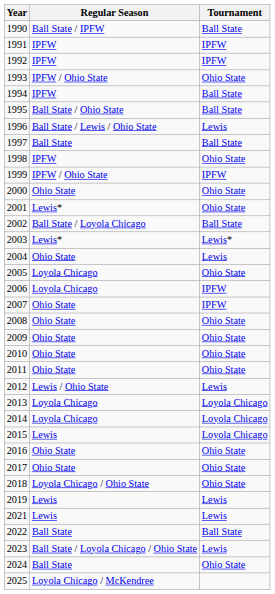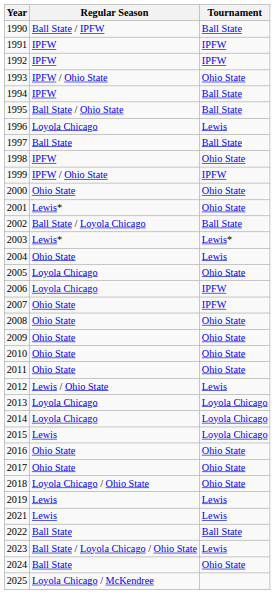 <table class="wikitable" style="display: inline-table;">
 <tr>
 <th>Year</th>
 <th>Regular Season</th>
 <th>Tournament</th>
 </tr>
 <tr>
 <td>1990</td>
 <td><a href='#'>Ball State</a> / <a href='#'>IPFW</a></td>
 <td><a href='#'>Ball State</a></td>
 </tr>
 <tr>
 <td>1991</td>
 <td><a href='#'>IPFW</a></td>
 <td><a href='#'>IPFW</a></td>
 </tr>
 <tr>
 <td>1992</td>
 <td><a href='#'>IPFW</a></td>
 <td><a href='#'>IPFW</a></td>
 </tr>
 <tr>
 <td>1993</td>
 <td><a href='#'>IPFW</a> / <a href='#'>Ohio State</a></td>
 <td><a href='#'>Ohio State</a></td>
 </tr>
 <tr>
 <td>1994</td>
 <td><a href='#'>IPFW</a></td>
 <td><a href='#'>Ball State</a></td>
 </tr>
 <tr>
 <td>1995</td>
 <td><a href='#'>Ball State</a> / <a href='#'>Ohio State</a></td>
 <td><a href='#'>Ball State</a></td>
 </tr>
 <tr>
 <td>1996</td>
-<td><a href='#'>Ball State</a> / <a href='#'>Lewis</a> / <a href='#'>Ohio State</a></td>
+<td><a href='#'>Loyola Chicago</a></td>
 <td><a href='#'>Lewis</a></td>
 </tr>
 <tr>
 <td>1997</td>
 <td><a href='#'>Ball State</a></td>
 <td><a href='#'>Ball State</a></td>
 </tr>
 <tr>
 <td>1998</td>
 <td><a href='#'>IPFW</a></td>
 <td><a href='#'>Ohio State</a></td>
 </tr>
 <tr>
 <td>1999</td>
 <td><a href='#'>IPFW</a> / <a href='#'>Ohio State</a></td>
 <td><a href='#'>IPFW</a></td>
 </tr>
 <tr>
 <td>2000</td>
 <td><a href='#'>Ohio State</a></td>
 <td><a href='#'>Ohio State</a></td>
 </tr>
 <tr>
 <td>2001</td>
 <td><a href='#'>Lewis</a>*</td>
 <td><a href='#'>Ohio State</a></td>
 </tr>
 <tr>
 <td>2002</td>
 <td><a href='#'>Ball State</a> / <a href='#'>Loyola Chicago</a></td>
 <td><a href='#'>Ball State</a></td>
 </tr>
 <tr>
 <td>2003</td>
 <td><a href='#'>Lewis</a>*</td>
 <td><a href='#'>Lewis</a>*</td>
 </tr>
 <tr>
 <td>2004</td>
 <td><a href='#'>Ohio State</a></td>
 <td><a href='#'>Lewis</a></td>
 </tr>
 <tr>
 <td>2005</td>
 <td><a href='#'>Loyola Chicago</a></td>
 <td><a href='#'>Ohio State</a></td>
 </tr>
 <tr>
 <td>2006</td>
 <td><a href='#'>Loyola Chicago</a></td>
 <td><a href='#'>IPFW</a></td>
 </tr>
 <tr>
 <td>2007</td>
 <td><a href='#'>Ohio State</a></td>
 <td><a href='#'>IPFW</a></td>
 </tr>
 <tr>
 <td>2008</td>
 <td><a href='#'>Ohio State</a></td>
 <td><a href='#'>Ohio State</a></td>
 </tr>
 <tr>
 <td>2009</td>
 <td><a href='#'>Ohio State</a></td>
 <td><a href='#'>Ohio State</a></td>
 </tr>
 <tr>
 <td>2010</td>
 <td><a href='#'>Ohio State</a></td>
 <td><a href='#'>Ohio State</a></td>
 </tr>
 <tr>
 <td>2011</td>
 <td><a href='#'>Ohio State</a></td>
 <td><a href='#'>Ohio State</a></td>
 </tr>
 <tr>
 <td>2012</td>
 <td><a href='#'>Lewis</a> / <a href='#'>Ohio State</a></td>
 <td><a href='#'>Lewis</a></td>
 </tr>
 <tr>
 <td>2013</td>
 <td><a href='#'>Loyola Chicago</a></td>
 <td><a href='#'>Loyola Chicago</a></td>
 </tr>
 <tr>
 <td>2014</td>
 <td><a href='#'>Loyola Chicago</a></td>
 <td><a href='#'>Loyola Chicago</a></td>
 </tr>
 <tr>
 <td>2015</td>
 <td><a href='#'>Lewis</a></td>
 <td><a href='#'>Loyola Chicago</a></td>
 </tr>
 <tr>
 <td>2016</td>
 <td><a href='#'>Ohio State</a></td>
 <td><a href='#'>Ohio State</a></td>
 </tr>
 <tr>
 <td>2017</td>
 <td><a href='#'>Ohio State</a></td>
 <td><a href='#'>Ohio State</a></td>
 </tr>
 <tr>
 <td>2018</td>
 <td><a href='#'>Loyola Chicago</a> / <a href='#'>Ohio State</a></td>
 <td><a href='#'>Ohio State</a></td>
 </tr>
 <tr>
 <td>2019</td>
 <td><a href='#'>Lewis</a></td>
 <td><a href='#'>Lewis</a></td>
 </tr>
 <tr>
 <td>2021</td>
 <td><a href='#'>Lewis</a></td>
 <td><a href='#'>Lewis</a></td>
 </tr>
 <tr>
 <td>2022</td>
 <td><a href='#'>Ball State</a></td>
 <td><a href='#'>Ball State</a></td>
 </tr>
 <tr>
 <td>2023</td>
 <td><a href='#'>Ball State</a> / <a href='#'>Loyola Chicago</a> / <a href='#'>Ohio State</a></td>
 <td><a href='#'>Lewis</a></td>
 </tr>
 <tr>
 <td>2024</td>
 <td><a href='#'>Ball State</a></td>
 <td><a href='#'>Ohio State</a></td>
 </tr>
 <tr>
 <td>2025</td>
 <td><a href='#'>Loyola Chicago</a> / <a href='#'>McKendree</a></td>
 <td></td>
 </tr>
 </table>
